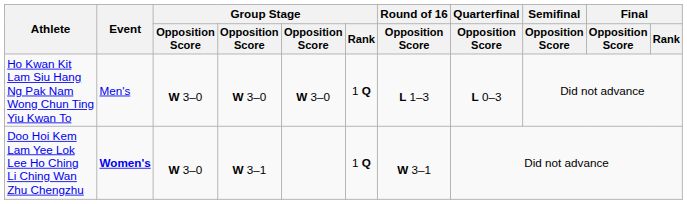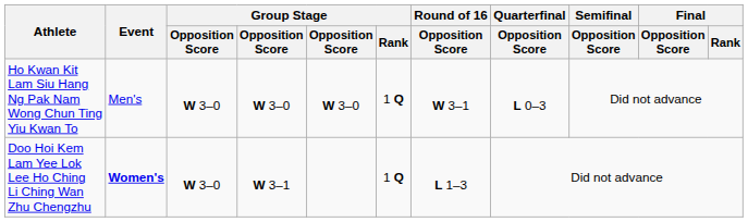 <table class=wikitable style=font-size:87%;text-align:center>
 <tr>
 <th rowspan="2">Athlete</th>
 <th rowspan="2">Event</th>
 <th colspan="4">Group Stage</th>
 <th>Round of 16</th>
 <th>Quarterfinal</th>
 <th>Semifinal</th>
 <th colspan="2">Final</th>
 </tr>
 <tr style="font-size:95%">
 <th>Opposition<br>Score</th>
 <th>Opposition<br>Score</th>
 <th>Opposition<br>Score</th>
 <th>Rank</th>
 <th>Opposition<br>Score</th>
 <th>Opposition<br>Score</th>
 <th>Opposition<br>Score</th>
 <th>Opposition<br>Score</th>
 <th>Rank</th>
 </tr>
 <tr>
 <td align=left><a href='#'>Ho Kwan Kit</a><br><a href='#'>Lam Siu Hang</a><br><a href='#'>Ng Pak Nam</a><br><a href='#'>Wong Chun Ting</a><br><a href='#'>Yiu Kwan To</a></td>
 <td align=left><a href='#'>Men's</a></td>
 <td><br><strong>W</strong> 3–0</td>
 <td><br><strong>W</strong> 3–0</td>
 <td><br><strong>W</strong> 3–0</td>
 <td>1 <strong>Q</strong></td>
-<td><br><strong>L</strong> 1–3</td>
+<td><br><strong>W</strong> 3–1</td>
 <td><br><strong>L</strong> 0–3</td>
 <td colspan=3>Did not advance</td>
 </tr>
 <tr>
 <td align=left><a href='#'>Doo Hoi Kem</a><br><a href='#'>Lam Yee Lok</a><br><a href='#'>Lee Ho Ching</a><br><a href='#'>Li Ching Wan</a><br><a href='#'>Zhu Chengzhu</a></td>
 <td align=left><strong><a href='#'>Women's</a></strong></td>
 <td><br><strong>W</strong> 3–0</td>
 <td><br><strong>W</strong> 3–1</td>
 <td></td>
 <td>1 <strong>Q</strong></td>
-<td><br><strong>W</strong> 3–1</td>
+<td><br><strong>L</strong> 1–3</td>
 <td colspan=4>Did not advance</td>
 </tr>
 </table>
